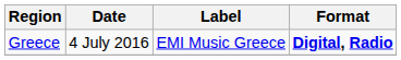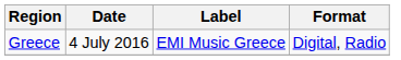 <table class="sortable wikitable">
 <tr>
 <th>Region</th>
 <th>Date</th>
 <th>Label</th>
 <th>Format</th>
 </tr>
 <tr>
 <td><a href='#'>Greece</a></td>
 <td rowspan="1">4 July 2016</td>
 <td rowspan="1"><a href='#'>EMI Music Greece</a></td>
-<td><strong><a href='#'>Digital</a>, <a href='#'>Radio</a></strong></td>
+<td><a href='#'>Digital</a>, <a href='#'>Radio</a></td>
 </tr>
 <tr>
 </tr>
 </table>
